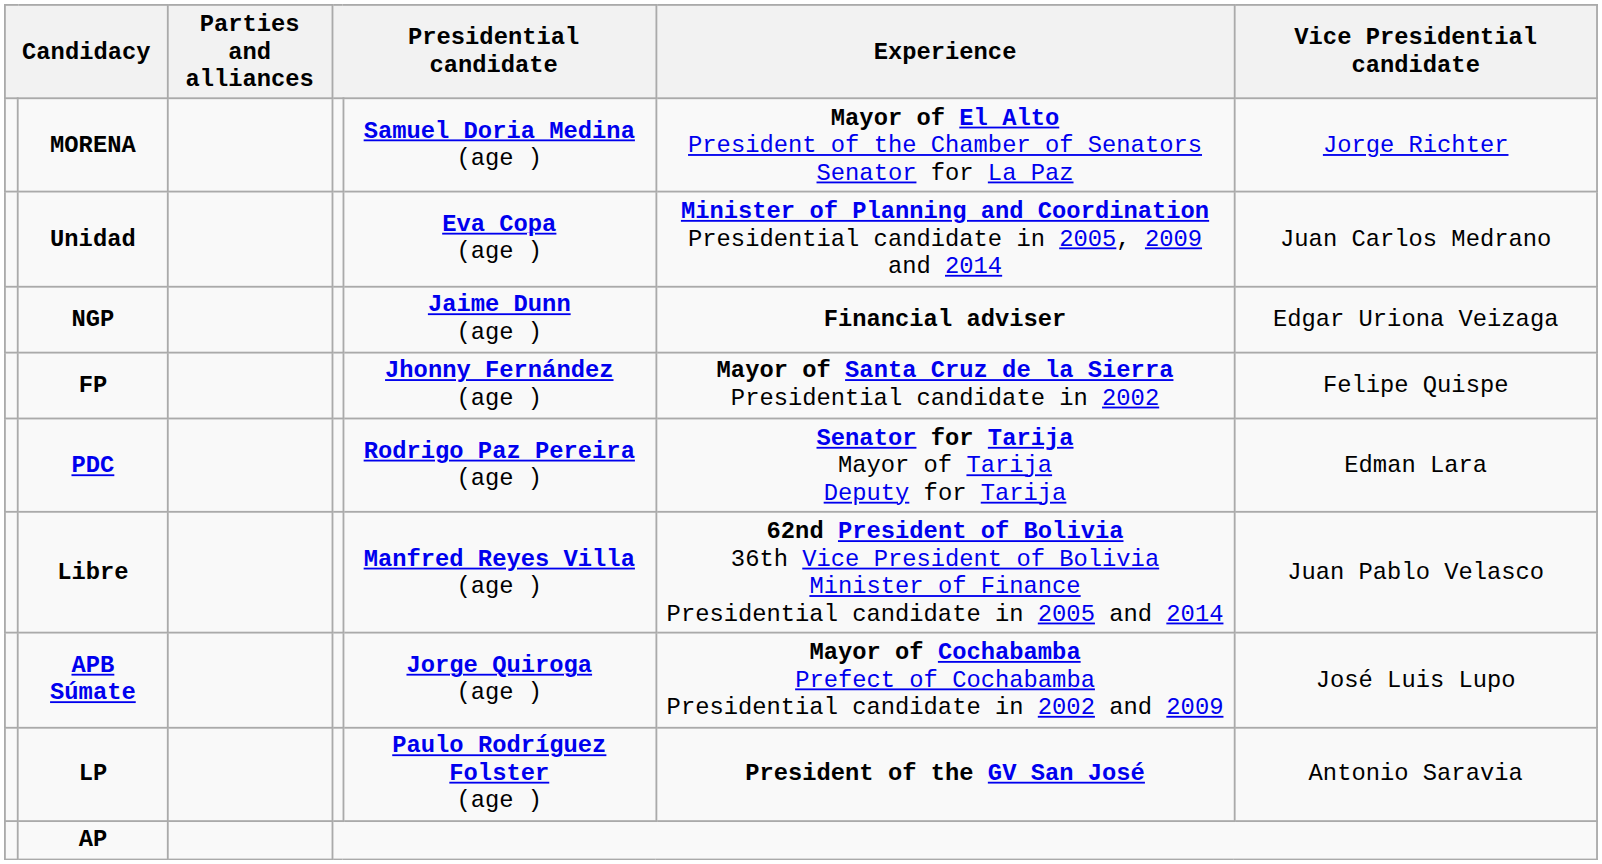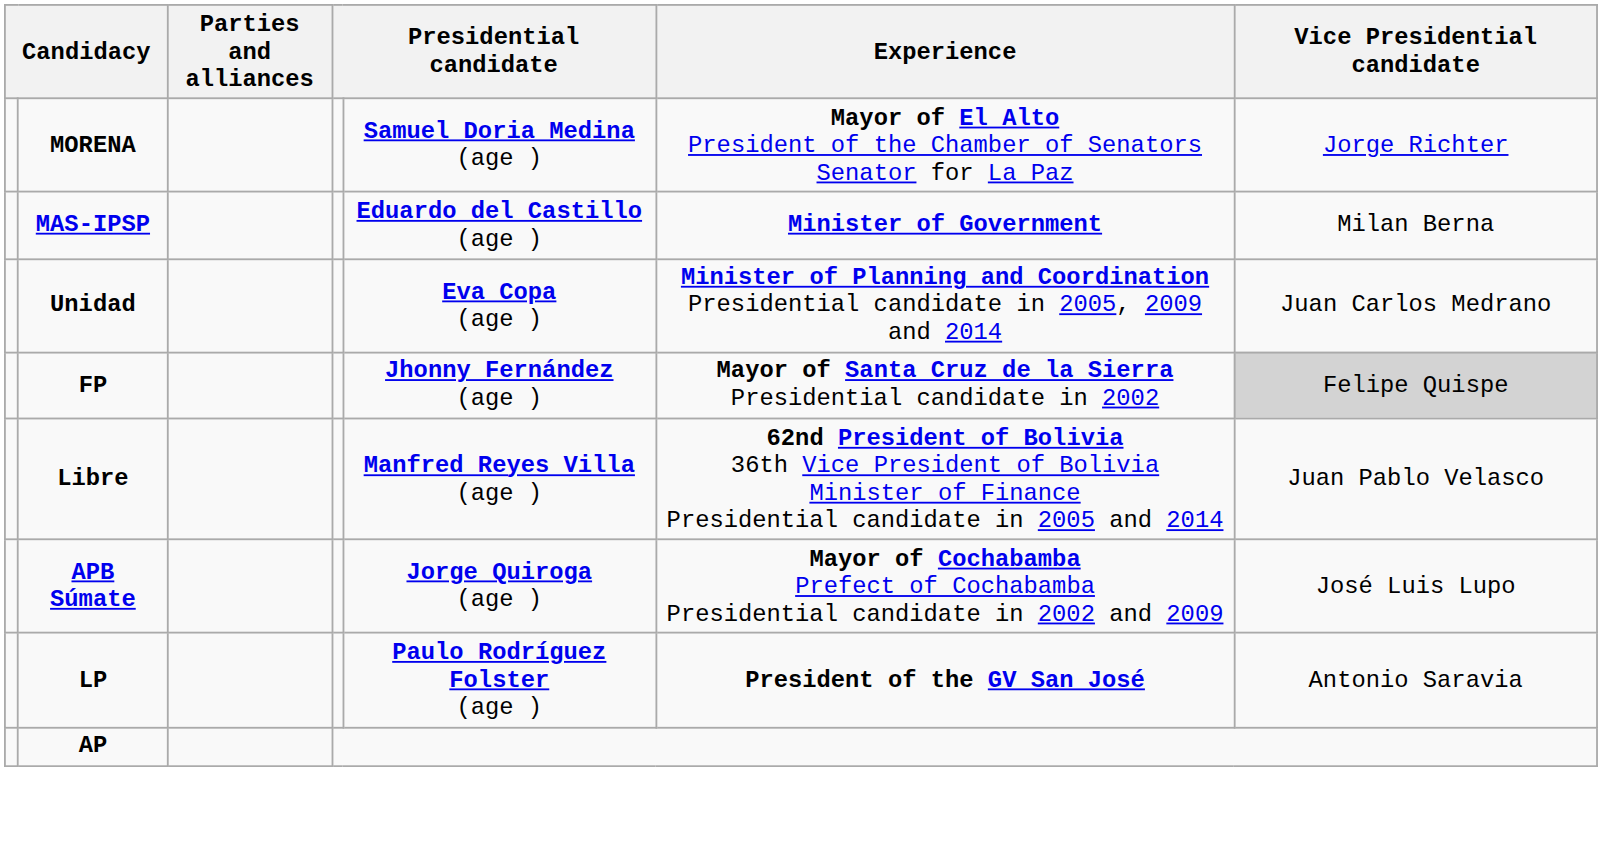 <table class="wikitable" style="text-align:center;">
 <tr>
 <th colspan="2">Candidacy</th>
 <th>Parties and<br>alliances</th>
 <th colspan="2">Presidential candidate</th>
 <th>Experience</th>
 <th>Vice Presidential candidate</th>
 </tr>
 <tr>
 <td width="1" style="background:"></td>
 <td><strong>MORENA</strong></td>
 <td></td>
 <td></td>
 <td><strong><a href='#'>Samuel Doria Medina</a></strong><br>(age )</td>
 <td><strong>Mayor of <a href='#'>El Alto</a> </strong><br><a href='#'>President of the Chamber of Senators</a> <br><a href='#'>Senator</a> for <a href='#'>La Paz</a> </td>
 <td><a href='#'>Jorge Richter</a></td>
 </tr>
 <tr>
 <td style="background:"></td>
+<td><strong><a href='#'>MAS-IPSP</a></strong></td>
+<td></td>
+<td></td>
+<td><strong><a href='#'>Eduardo del Castillo</a></strong><br>(age )</td>
+<td><strong><a href='#'>Minister of Government</a></strong> </td>
+<td>Milan Berna</td>
+</tr>
+<tr>
+<td style="background:"></td>
 <td><strong>Unidad</strong></td>
 <td></td>
 <td></td>
 <td><strong><a href='#'>Eva Copa</a></strong><br>(age )</td>
 <td><strong><a href='#'>Minister of Planning and Coordination</a> </strong><br>Presidential candidate in <a href='#'>2005</a>, <a href='#'>2009</a> and <a href='#'>2014</a></td>
 <td>Juan Carlos Medrano</td>
 </tr>
 <tr>
 <td style="background:"></td>
-<td><strong>NGP</strong></td>
-<td></td>
-<td></td>
-<td><strong><a href='#'>Jaime Dunn</a></strong><br>(age )</td>
-<td><strong>Financial adviser</strong></td>
-<td>Edgar Uriona Veizaga</td>
-</tr>
-<tr>
-<td style="background:"></td>
 <td><strong>FP</strong></td>
 <td></td>
 <td></td>
 <td><strong><a href='#'>Jhonny Fernández</a></strong><br>(age )</td>
 <td><strong>Mayor of <a href='#'>Santa Cruz de la Sierra</a> </strong><br>Presidential candidate in <a href='#'>2002</a></td>
-<td>Felipe Quispe</td>
-</tr>
-<tr>
-<td style="background:"></td>
-<td><strong><a href='#'>PDC</a></strong></td>
-<td></td>
-<td></td>
-<td><strong><a href='#'>Rodrigo Paz Pereira</a></strong><br>(age )</td>
-<td><strong><a href='#'>Senator</a> for <a href='#'>Tarija</a> </strong><br>Mayor of <a href='#'>Tarija</a> <br><a href='#'>Deputy</a> for <a href='#'>Tarija</a> </td>
-<td>Edman Lara</td>
+<td style="background: lightgrey;">Felipe Quispe</td>
 </tr>
 <tr>
 <td style="background:"></td>
 <td><strong>Libre</strong></td>
 <td></td>
 <td></td>
 <td><strong><a href='#'>Manfred Reyes Villa</a></strong><br>(age )</td>
 <td><strong>62nd <a href='#'>President of Bolivia</a> </strong><br>36th <a href='#'>Vice President of Bolivia</a> <br><a href='#'>Minister of Finance</a> <br>Presidential candidate in <a href='#'>2005</a> and <a href='#'>2014</a></td>
 <td>Juan Pablo Velasco</td>
 </tr>
 <tr>
 <td style="background:"></td>
 <td><strong><a href='#'>APB Súmate</a></strong></td>
 <td></td>
 <td></td>
 <td><strong><a href='#'>Jorge Quiroga</a></strong><br>(age )</td>
 <td><strong>Mayor of <a href='#'>Cochabamba</a> </strong><br><a href='#'>Prefect of Cochabamba</a> <br>Presidential candidate in <a href='#'>2002</a> and <a href='#'>2009</a></td>
 <td>José Luis Lupo</td>
 </tr>
 <tr>
 <td style="background:"></td>
 <td><strong>LP</strong></td>
 <td></td>
 <td></td>
 <td><strong><a href='#'>Paulo Rodríguez Folster</a></strong><br>(age )</td>
 <td><strong>President of the <a href='#'>GV San José</a> </strong></td>
 <td>Antonio Saravia</td>
 </tr>
 <tr>
 <td style="background:"></td>
 <td><strong>AP</strong></td>
 <td></td>
 </tr>
 </table>
